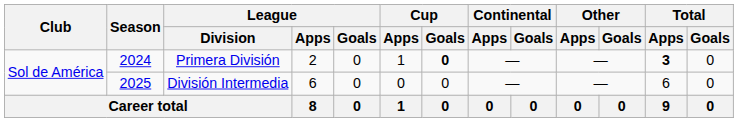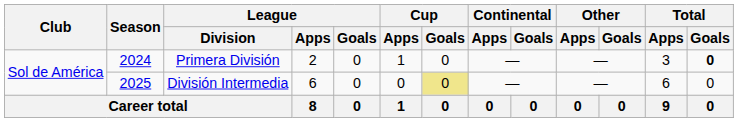 <table class="wikitable" style="text-align: center">
 <tr>
 <th rowspan="2">Club</th>
 <th rowspan="2">Season</th>
 <th colspan="3">League</th>
 <th colspan="2">Cup</th>
 <th colspan="2">Continental</th>
 <th colspan="2">Other</th>
 <th colspan="2">Total</th>
 </tr>
 <tr>
 <th>Division</th>
 <th>Apps</th>
 <th>Goals</th>
 <th>Apps</th>
 <th>Goals</th>
 <th>Apps</th>
 <th>Goals</th>
 <th>Apps</th>
 <th>Goals</th>
 <th>Apps</th>
 <th>Goals</th>
 </tr>
 <tr>
 <td rowspan="2"><a href='#'>Sol de América</a></td>
 <td><a href='#'>2024</a></td>
 <td><a href='#'>Primera División</a></td>
 <td>2</td>
 <td>0</td>
 <td>1</td>
-<td><strong>0</strong></td>
+<td>0</td>
 <td colspan="2">—</td>
 <td colspan="2">—</td>
-<td><strong>3</strong></td>
-<td>0</td>
+<td>3</td>
+<td><strong>0</strong></td>
 </tr>
 <tr>
 <td><a href='#'>2025</a></td>
 <td><a href='#'>División Intermedia</a></td>
 <td>6</td>
 <td>0</td>
 <td>0</td>
-<td>0</td>
+<td style="background: khaki;">0</td>
 <td colspan="2">—</td>
 <td colspan="2">—</td>
 <td>6</td>
 <td>0</td>
 </tr>
 <tr>
 <th colspan="3"><strong>Career total</strong></th>
 <th>8</th>
 <th>0</th>
 <th>1</th>
 <th>0</th>
 <th>0</th>
 <th>0</th>
 <th>0</th>
 <th>0</th>
 <th>9</th>
 <th>0</th>
 </tr>
 </table>
